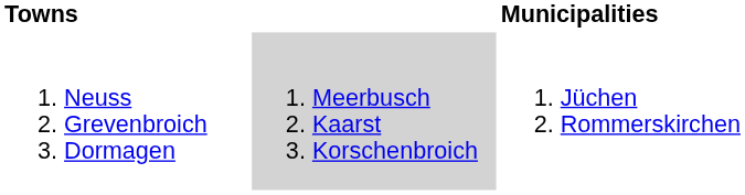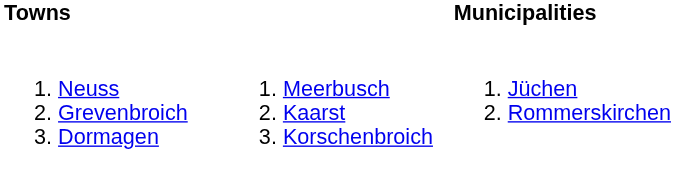 <table>
 <tr>
 <th colspan=2 align=left>Towns</th>
 <th align=left>Municipalities</th>
 </tr>
 <tr valign=top>
 <td width=33%><br><ol><li><a href='#'>Neuss</a></li><li><a href='#'>Grevenbroich</a></li><li><a href='#'>Dormagen</a></li></ol></td>
-<td width=33% style="background: lightgrey;"><br><ol> <li><a href='#'>Meerbusch</a> <li><a href='#'>Kaarst</a> <li><a href='#'>Korschenbroich</a> </ol></td>
+<td width=33%><br><ol> <li><a href='#'>Meerbusch</a> <li><a href='#'>Kaarst</a> <li><a href='#'>Korschenbroich</a> </ol></td>
 <td width=33%><br><ol><li><a href='#'>Jüchen</a></li><li><a href='#'>Rommerskirchen</a></li></ol></td>
 </tr>
 </table>
